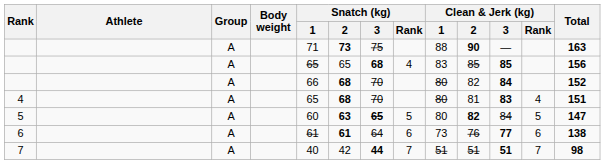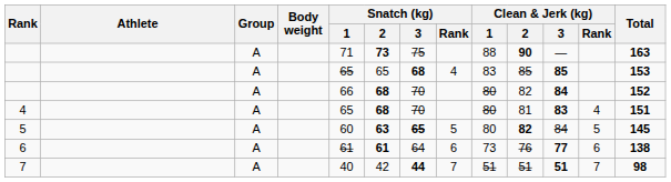 <table class = "wikitable" style="text-align:center;">
 <tr>
 <th rowspan=2 width=40>Rank</th>
 <th rowspan=2 width=250>Athlete</th>
 <th rowspan=2 width=50>Group</th>
 <th rowspan=2 width=60>Body weight</th>
 <th colspan=4>Snatch (kg)</th>
 <th colspan=4>Clean & Jerk (kg)</th>
 <th rowspan=2 width=60>Total</th>
 </tr>
 <tr>
 <th width=40>1</th>
 <th width=40>2</th>
 <th width=40>3</th>
 <th width=40>Rank</th>
 <th width=40>1</th>
 <th width=40>2</th>
 <th width=40>3</th>
 <th width=40>Rank</th>
 </tr>
 <tr>
 <td></td>
 <td align=left></td>
 <td>A</td>
 <td></td>
 <td>71</td>
 <td><strong>73</strong></td>
 <td><s>75</s></td>
 <td></td>
 <td>88</td>
 <td><strong>90</strong></td>
 <td>—</td>
 <td></td>
 <td><strong>163</strong></td>
 </tr>
 <tr>
 <td></td>
 <td align=left></td>
 <td>A</td>
 <td></td>
 <td><s>65</s></td>
 <td>65</td>
 <td><strong>68</strong></td>
 <td>4</td>
 <td>83</td>
 <td><s>85</s></td>
 <td><strong>85</strong></td>
 <td></td>
-<td><strong>156</strong></td>
+<td><strong>153</strong></td>
 </tr>
 <tr>
 <td></td>
 <td align=left></td>
 <td>A</td>
 <td></td>
 <td>66</td>
 <td><strong>68</strong></td>
 <td><s>70</s></td>
 <td></td>
 <td><s>80</s></td>
 <td>82</td>
 <td><strong>84</strong></td>
 <td></td>
 <td><strong>152</strong></td>
 </tr>
 <tr>
 <td>4</td>
 <td align=left></td>
 <td>A</td>
 <td></td>
 <td>65</td>
 <td><strong>68</strong></td>
 <td><s>70</s></td>
 <td></td>
 <td><s>80</s></td>
 <td>81</td>
 <td><strong>83</strong></td>
 <td>4</td>
 <td><strong>151</strong></td>
 </tr>
 <tr>
 <td>5</td>
 <td align=left></td>
 <td>A</td>
 <td></td>
 <td>60</td>
 <td><strong>63</strong></td>
 <td><strong><s>65</s></strong></td>
 <td>5</td>
 <td>80</td>
 <td><strong>82</strong></td>
 <td><s>84</s></td>
 <td>5</td>
-<td><strong>147</strong></td>
+<td><strong>145</strong></td>
 </tr>
 <tr>
 <td>6</td>
 <td align=left></td>
 <td>A</td>
 <td></td>
 <td><s>61</s></td>
 <td><strong>61</strong></td>
 <td><s>64</s></td>
 <td>6</td>
 <td>73</td>
 <td><s>76</s></td>
 <td><strong>77</strong></td>
 <td>6</td>
 <td><strong>138</strong></td>
 </tr>
 <tr>
 <td>7</td>
 <td align=left></td>
 <td>A</td>
 <td></td>
 <td>40</td>
 <td>42</td>
 <td><strong>44</strong></td>
 <td>7</td>
 <td><s>51</s></td>
 <td><s>51</s></td>
 <td><strong>51</strong></td>
 <td>7</td>
 <td><strong>98</strong></td>
 </tr>
 </table>
